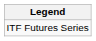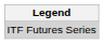 <table class="wikitable">
 <tr>
 <th>Legend</th>
 </tr>
 <tr>
-<td>ITF Futures Series</td>
+<td style="background: lightgrey;">ITF Futures Series</td>
 </tr>
 </table>
